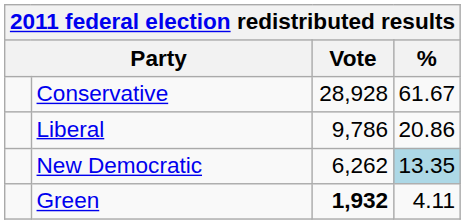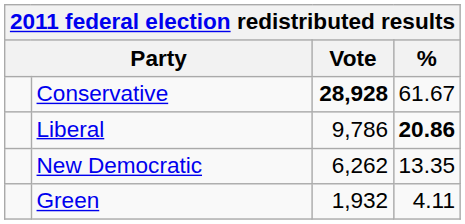 <table class="wikitable">
 <tr>
 <th colspan="4"><a href='#'>2011 federal election</a> redistributed results</th>
 </tr>
 <tr>
 <th bgcolor="#DDDDFF" width="130px" colspan="2">Party</th>
 <th bgcolor="#DDDDFF" width="50px">Vote</th>
 <th bgcolor="#DDDDFF" width="30px">%</th>
 </tr>
 <tr>
 <td> </td>
 <td><a href='#'>Conservative</a></td>
-<td align=right>28,928</td>
+<td align=right><strong>28,928</strong></td>
 <td align=right>61.67</td>
 </tr>
 <tr>
 <td> </td>
 <td><a href='#'>Liberal</a></td>
 <td align=right>9,786</td>
-<td align=right>20.86</td>
+<td align=right><strong>20.86</strong></td>
 </tr>
 <tr>
 <td> </td>
 <td><a href='#'>New Democratic</a></td>
 <td align=right>6,262</td>
-<td align=right style="background: lightblue;">13.35</td>
+<td align=right>13.35</td>
 </tr>
 <tr>
 <td> </td>
 <td><a href='#'>Green</a></td>
-<td align=right><strong>1,932</strong></td>
+<td align=right>1,932</td>
 <td align=right>4.11</td>
 </tr>
 </table>
